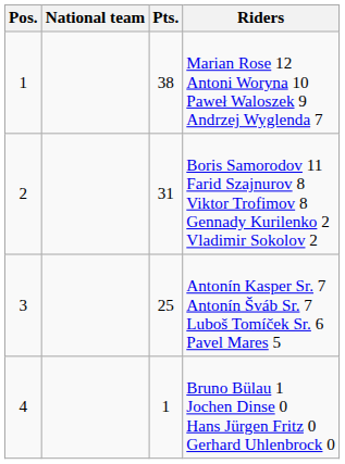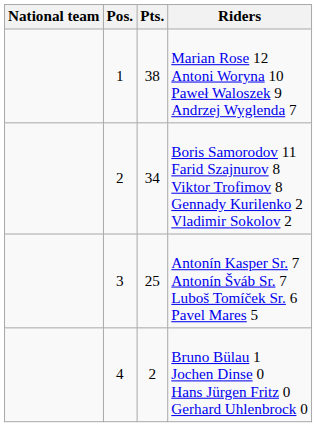 <table class=wikitable style="font-size:93%;">
 <tr>
+<th>National team</th>
 <th>Pos.</th>
-<th>National team</th>
 <th>Pts.</th>
 <th>Riders</th>
 </tr>
 <tr align=center >
+<td align=left></td>
 <td>1</td>
-<td align=left></td>
 <td>38</td>
 <td align=left><br><a href='#'>Marian Rose</a> 12<br> <a href='#'>Antoni Woryna</a> 10<br> <a href='#'>Paweł Waloszek</a> 9<br> <a href='#'>Andrzej Wyglenda</a> 7<br></td>
 </tr>
 <tr align=center >
+<td align=left></td>
 <td>2</td>
-<td align=left></td>
-<td>31</td>
+<td>34</td>
 <td align=left><br><a href='#'>Boris Samorodov</a> 11<br> <a href='#'>Farid Szajnurov</a> 8<br> <a href='#'>Viktor Trofimov</a> 8<br> <a href='#'>Gennady Kurilenko</a> 2<br> <a href='#'>Vladimir Sokolov</a> 2<br></td>
 </tr>
 <tr align=center>
+<td align=left></td>
 <td>3</td>
-<td align=left></td>
 <td>25</td>
 <td align=left><br><a href='#'>Antonín Kasper Sr.</a> 7<br> <a href='#'>Antonín Šváb Sr.</a> 7<br> <a href='#'>Luboš Tomíček Sr.</a> 6<br> <a href='#'>Pavel Mares</a> 5<br></td>
 </tr>
 <tr align=center>
+<td align=left></td>
 <td>4</td>
-<td align=left></td>
-<td>1</td>
+<td>2</td>
 <td align=left><br><a href='#'>Bruno Bülau</a> 1<br> <a href='#'>Jochen Dinse</a> 0<br> <a href='#'>Hans Jürgen Fritz</a> 0<br> <a href='#'>Gerhard Uhlenbrock</a> 0<br></td>
 </tr>
 </table>
